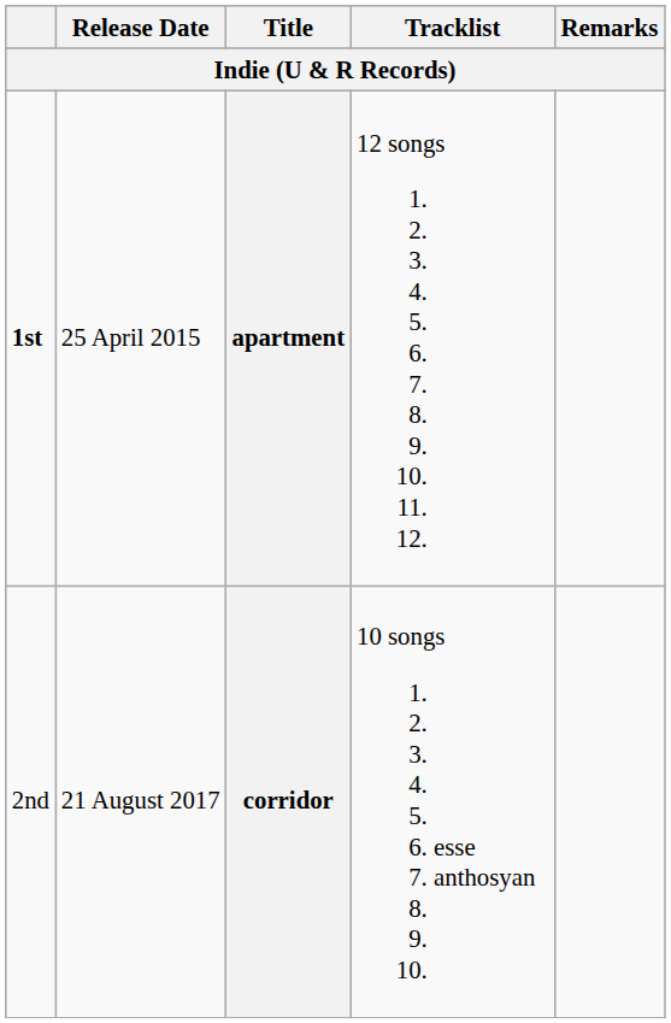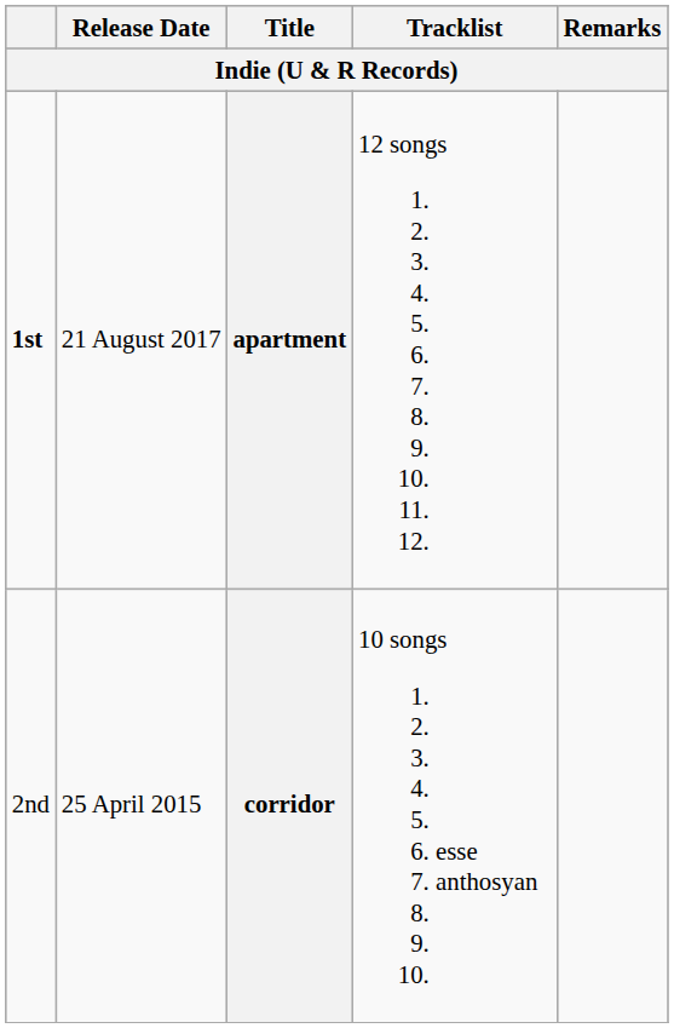 <table class="wikitable" style=font-size:small>
 <tr>
 <th> </th>
 <th>Release Date</th>
 <th>Title</th>
 <th style="width:31%">Tracklist</th>
 <th>Remarks</th>
 </tr>
 <tr>
 <th style="font-size:small;" colspan="6">Indie (U & R Records)</th>
 </tr>
 <tr>
 <td><strong>1st</strong></td>
-<td>25 April 2015</td>
+<td>21 August 2017</td>
 <th>apartment</th>
 <td><br>12 songs<ol><li></li><li></li><li></li><li></li><li></li><li></li><li></li><li></li><li></li><li></li><li></li><li></li></ol></td>
 <td></td>
 </tr>
 <tr>
 <td>2nd</td>
-<td>21 August 2017</td>
+<td>25 April 2015</td>
 <th>corridor</th>
 <td><br>10 songs<ol><li></li><li></li><li></li><li></li><li></li><li>esse</li><li>anthosyan</li><li></li><li></li><li></li></ol></td>
 <td></td>
 </tr>
 <tr>
 </tr>
 </table>
